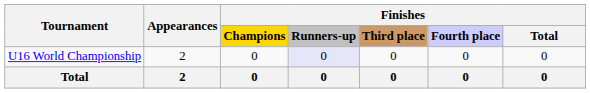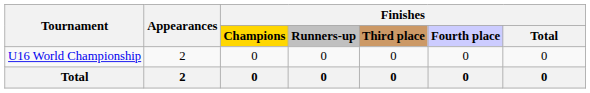 <table class="wikitable" style="text-align: center; font-size: 90%; margin-left: 1em;">
 <tr>
 <th rowspan="2">Tournament</th>
 <th rowspan="2">Appearances</th>
 <th colspan="5">Finishes</th>
 </tr>
 <tr>
 <th style="background-color: gold;">Champions</th>
 <th style="background-color: silver;">Runners-up</th>
 <th style="background-color: #cc9966;">Third place</th>
 <th style="background-color: #ccccff;">Fourth place</th>
 <th style="width: 6em;">Total</th>
 </tr>
 <tr>
 <td style="text-align:left;"><a href='#'>U16 World Championship</a></td>
 <td>2</td>
 <td>0</td>
-<td style="background: lavender;">0</td>
+<td>0</td>
 <td>0</td>
 <td>0</td>
 <td>0</td>
 </tr>
 <tr>
 <th>Total</th>
 <th>2</th>
 <th>0</th>
 <th>0</th>
 <th>0</th>
 <th>0</th>
 <th>0</th>
 </tr>
 </table>
